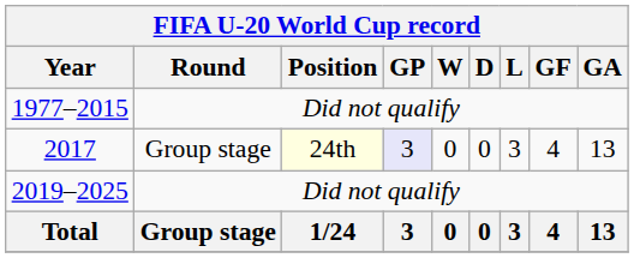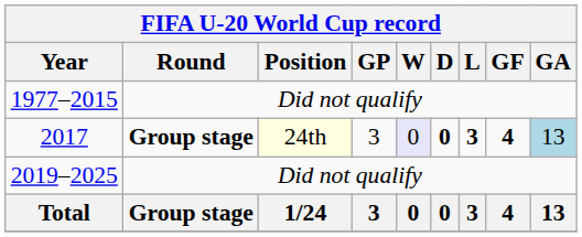 <table class="wikitable" style="text-align: center;">
 <tr>
 <th colspan=9><a href='#'>FIFA U-20 World Cup record</a></th>
 </tr>
 <tr>
 <th>Year</th>
 <th>Round</th>
 <th>Position</th>
 <th>GP</th>
 <th>W</th>
 <th>D</th>
 <th>L</th>
 <th>GF</th>
 <th>GA</th>
 </tr>
 <tr>
 <td><a href='#'>1977</a>–<a href='#'>2015</a></td>
 <td colspan=9><em>Did not qualify</em></td>
 </tr>
 <tr>
 <td> <a href='#'>2017</a></td>
-<td>Group stage</td>
+<td><strong>Group stage</strong></td>
 <td style="background: lightyellow;">24th</td>
-<td style="background: lavender;">3</td>
-<td>0</td>
-<td>0</td>
 <td>3</td>
-<td>4</td>
-<td>13</td>
+<td style="background: lavender;">0</td>
+<td><strong>0</strong></td>
+<td><strong>3</strong></td>
+<td><strong>4</strong></td>
+<td style="background: lightblue;">13</td>
 </tr>
 <tr>
 <td><a href='#'>2019</a>–<a href='#'>2025</a></td>
 <td colspan=9><em>Did not qualify</em></td>
 </tr>
 <tr>
 <th>Total</th>
 <th>Group stage</th>
 <th>1/24</th>
 <th>3</th>
 <th>0</th>
 <th>0</th>
 <th>3</th>
 <th>4</th>
 <th>13</th>
 </tr>
 <tr>
 </tr>
 </table>
